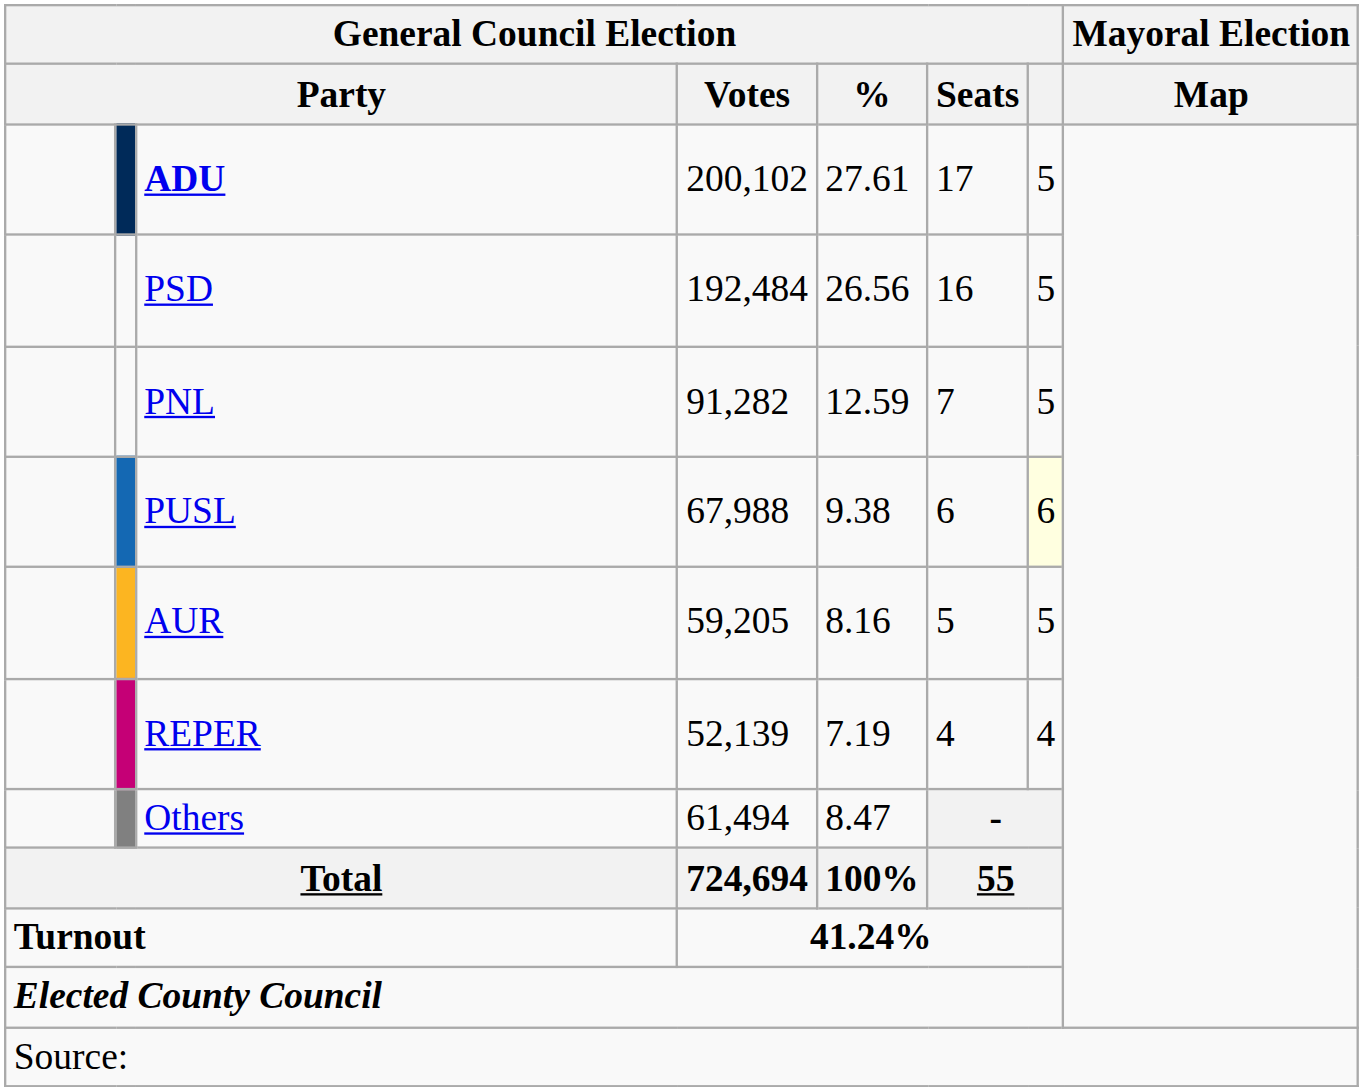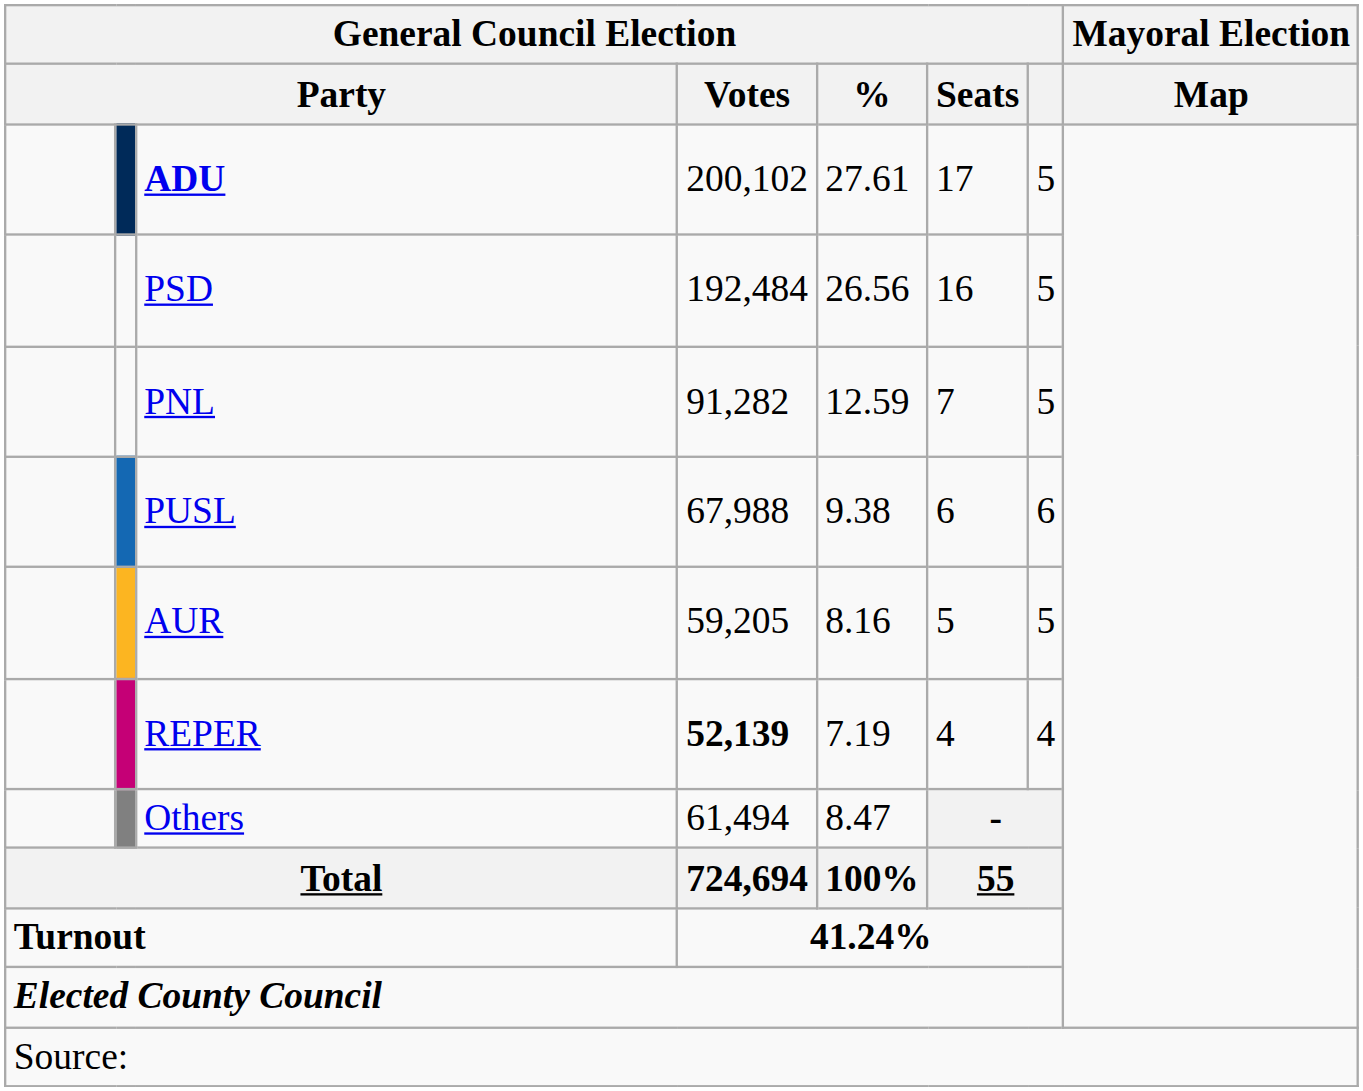 <table class="wikitable" style="text-align:left">
 <tr>
 <th colspan="7">General Council Election</th>
 <th>Mayoral Election</th>
 </tr>
 <tr>
 <th colspan="3" width="280">Party</th>
 <th>Votes</th>
 <th>%</th>
 <th>Seats</th>
 <th></th>
 <th>Map</th>
 </tr>
 <tr>
 <td width="40" height="40"></td>
 <td style="background:#002A59;"></td>
 <td align="left"><a href='#'><strong>ADU</strong></a></td>
 <td>200,102</td>
 <td>27.61</td>
 <td>17</td>
 <td>5</td>
 <td rowspan="10"></td>
 </tr>
 <tr>
 <td height="40"></td>
 <td style="color:inherit;background:"></td>
 <td align="left"><a href='#'>PSD</a></td>
 <td>192,484</td>
 <td>26.56</td>
 <td>16</td>
 <td>5</td>
 </tr>
 <tr>
 <td height="40"></td>
 <td width="1" style="color:inherit;background:"></td>
 <td align="left"><a href='#'>PNL</a></td>
 <td>91,282</td>
 <td>12.59</td>
 <td>7</td>
 <td>5</td>
 </tr>
 <tr>
 <td height="40"></td>
 <td style="background:#1468B3;"></td>
 <td align="left"><a href='#'>PUSL</a></td>
 <td>67,988</td>
 <td>9.38</td>
 <td>6</td>
-<td style="background: lightyellow;">6</td>
+<td>6</td>
 </tr>
 <tr>
 <td height="40"></td>
 <td style="background:#FCB521;"></td>
 <td align="left"><a href='#'>AUR</a></td>
 <td>59,205</td>
 <td>8.16</td>
 <td>5</td>
 <td>5</td>
 </tr>
 <tr>
 <td height="40"></td>
 <td style="background:#C50076;"></td>
 <td align="left"><a href='#'>REPER</a></td>
-<td>52,139</td>
+<td><strong>52,139</strong></td>
 <td>7.19</td>
 <td>4</td>
 <td>4</td>
 </tr>
 <tr>
 <td></td>
 <td style="background-color:Grey "></td>
 <td align="left"><a href='#'>Others</a></td>
 <td>61,494</td>
 <td>8.47</td>
 <th colspan="2">-</th>
 </tr>
 <tr>
 <th colspan="3"><strong><u>Total</u></strong></th>
 <th style="text-align:left">724,694</th>
 <th style="text-align:left">100%</th>
 <th colspan="2"><strong><u>55</u></strong></th>
 </tr>
 <tr>
 <td colspan="3"><strong>Turnout</strong></td>
 <td colspan="4" style="text-align: center"><strong>41.24%</strong></td>
 </tr>
 <tr>
 <td colspan="7"><strong><em>Elected County Council</em></strong></td>
 </tr>
 <tr>
 <td colspan="8">Source: </td>
 </tr>
 </table>
